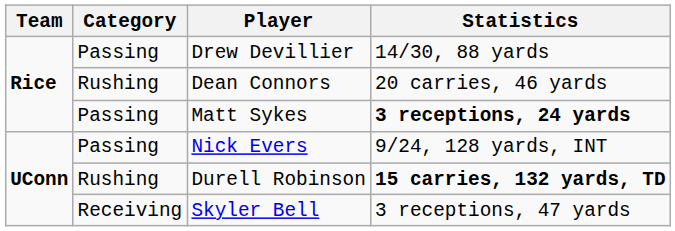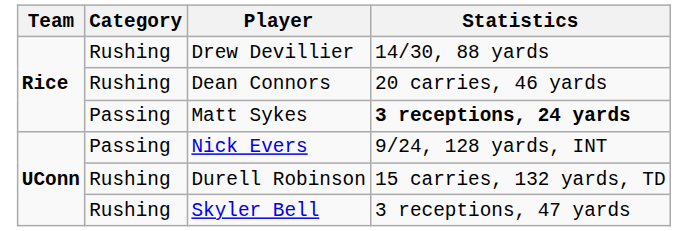 <table class="wikitable" style="float: right;">
 <tr>
 <th>Team</th>
 <th>Category</th>
 <th>Player</th>
 <th>Statistics</th>
 </tr>
 <tr>
 <td rowspan=3><strong>Rice</strong></td>
-<td>Passing</td>
+<td>Rushing</td>
 <td>Drew Devillier</td>
 <td>14/30, 88 yards</td>
 </tr>
 <tr>
 <td>Rushing</td>
 <td>Dean Connors</td>
 <td>20 carries, 46 yards</td>
 </tr>
 <tr>
 <td>Passing</td>
 <td>Matt Sykes</td>
 <td><strong>3 receptions, 24 yards</strong></td>
 </tr>
 <tr>
 <td rowspan=3><strong>UConn</strong></td>
 <td>Passing</td>
 <td><a href='#'>Nick Evers</a></td>
 <td>9/24, 128 yards, INT</td>
 </tr>
 <tr>
 <td>Rushing</td>
 <td>Durell Robinson</td>
-<td><strong>15 carries, 132 yards, TD</strong></td>
+<td>15 carries, 132 yards, TD</td>
 </tr>
 <tr>
-<td>Receiving</td>
+<td>Rushing</td>
 <td><a href='#'>Skyler Bell</a></td>
 <td>3 receptions, 47 yards</td>
 </tr>
 </table>
